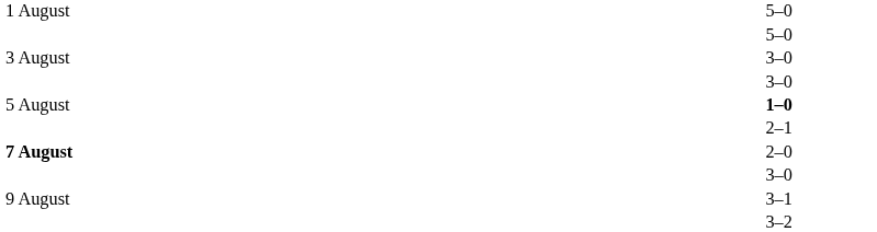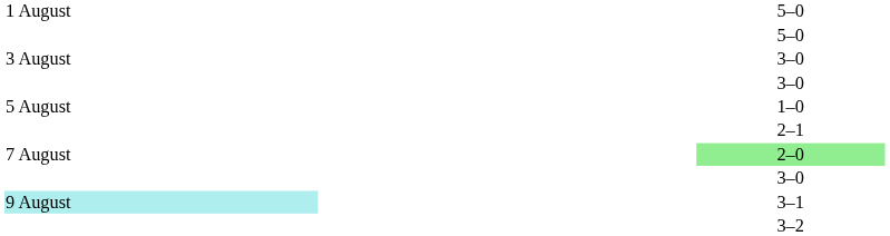 <table cellspacing=1 width=70%>
 <tr>
 <th width=25%></th>
 <th width=30%></th>
 <th width=15%></th>
 <th width=30%></th>
 </tr>
 <tr>
 <td>1 August</td>
 <td align=right></td>
 <td align=center>5–0</td>
 <td></td>
 </tr>
 <tr>
 <td></td>
 <td align=right></td>
 <td align=center>5–0</td>
 <td></td>
 </tr>
 <tr>
 <td>3 August</td>
 <td align=right></td>
 <td align=center>3–0</td>
 <td></td>
 </tr>
 <tr>
 <td></td>
 <td align=right></td>
 <td align=center>3–0</td>
 <td></td>
 </tr>
 <tr>
 <td>5 August</td>
 <td align=right></td>
-<td align=center><strong>1–0</strong></td>
+<td align=center>1–0</td>
 <td></td>
 </tr>
 <tr>
 <td></td>
 <td align=right></td>
 <td align=center>2–1</td>
 <td></td>
 </tr>
 <tr>
-<td><strong>7 August</strong></td>
+<td>7 August</td>
 <td align=right></td>
-<td align=center>2–0</td>
+<td align=center style="background: lightgreen;">2–0</td>
 <td></td>
 </tr>
 <tr>
 <td></td>
 <td align=right></td>
 <td align=center>3–0</td>
 <td></td>
 </tr>
 <tr>
-<td>9 August</td>
+<td style="background: paleturquoise;">9 August</td>
 <td align=right></td>
 <td align=center>3–1</td>
 <td></td>
 </tr>
 <tr>
 <td></td>
 <td align=right></td>
 <td align=center>3–2</td>
 <td></td>
 </tr>
 </table>
